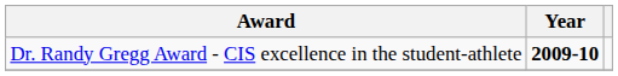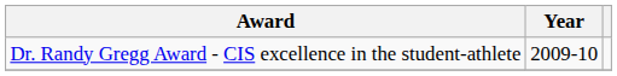 <table class="wikitable">
 <tr>
 <th>Award</th>
 <th>Year</th>
 <th></th>
 </tr>
 <tr>
 <td><a href='#'>Dr. Randy Gregg Award</a> - <a href='#'>CIS</a> excellence in the student-athlete</td>
-<td><strong>2009-10</strong></td>
+<td>2009-10</td>
 <td></td>
 </tr>
 <tr>
 </tr>
 </table>
